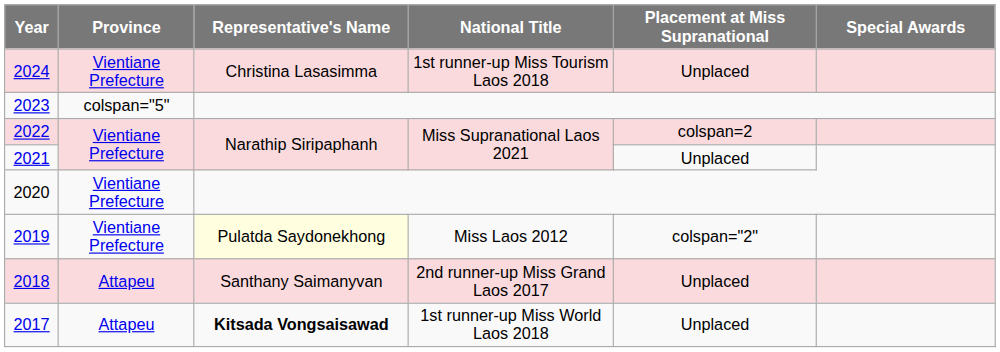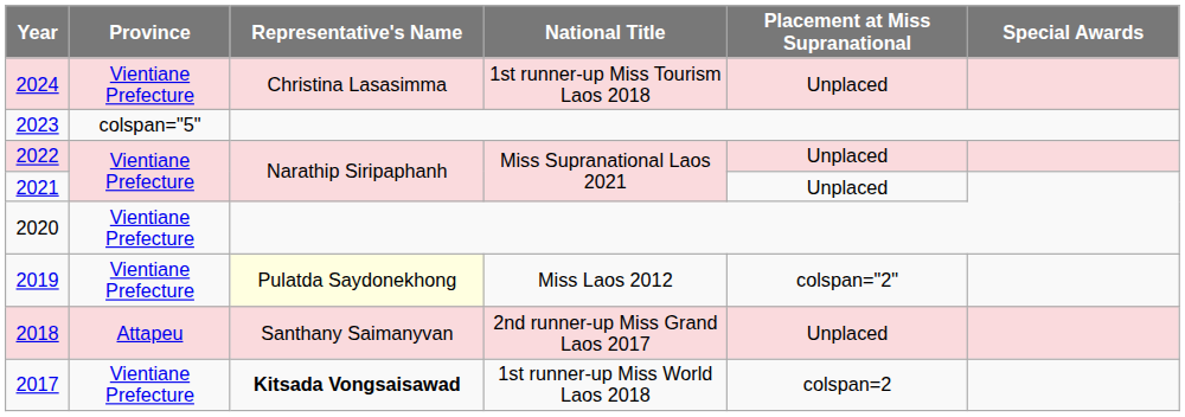 <table class="wikitable " style="font-size: 89%; text-align:center">
 <tr>
 <th width="50" style="background-color:#787878;color:#FFFFFF;">Year</th>
 <th width="150" style="background-color:#787878;color:#FFFFFF;">Province</th>
 <th width="250" style="background-color:#787878;color:#FFFFFF;">Representative's Name</th>
 <th width="260" style="background-color:#787878;color:#FFFFFF;">National Title</th>
 <th width="250" style="background-color:#787878;color:#FFFFFF;">Placement at Miss Supranational</th>
 <th width="250" style="background-color:#787878;color:#FFFFFF;">Special Awards</th>
 </tr>
 <tr style="background-color:#FADADD;">
 <td><a href='#'>2024</a></td>
 <td><a href='#'>Vientiane Prefecture</a></td>
 <td>Christina Lasasimma</td>
 <td>1st runner-up Miss Tourism Laos 2018</td>
 <td>Unplaced</td>
 <td style="background:;"></td>
 </tr>
 <tr>
 <td><a href='#'>2023</a></td>
 <td>colspan="5" </td>
 </tr>
 <tr style="background-color:#FADADD;">
 <td><a href='#'>2022</a></td>
 <td rowspan="2"><a href='#'>Vientiane Prefecture</a></td>
 <td rowspan="2">Narathip Siripaphanh </td>
 <td rowspan="2">Miss Supranational Laos 2021</td>
-<td>colspan=2 </td>
+<td>Unplaced</td>
 <td style="background:;"></td>
 </tr>
 <tr>
 <td><a href='#'>2021</a></td>
 <td>Unplaced</td>
 </tr>
 <tr>
 <td>2020</td>
 <td><a href='#'>Vientiane Prefecture</a></td>
 </tr>
 <tr>
 <td><a href='#'>2019</a></td>
 <td><a href='#'>Vientiane Prefecture</a></td>
 <td style="background: lightyellow;">Pulatda Saydonekhong</td>
 <td>Miss Laos 2012</td>
 <td>colspan="2" </td>
 <td></td>
 </tr>
 <tr style="background-color:#FADADD;">
 <td><a href='#'>2018</a></td>
 <td><a href='#'>Attapeu</a></td>
 <td>Santhany Saimanyvan</td>
 <td>2nd runner-up Miss Grand Laos 2017</td>
 <td>Unplaced</td>
 <td style="background:;"></td>
 </tr>
 <tr>
 <td><a href='#'>2017</a></td>
-<td><a href='#'>Attapeu</a></td>
+<td><a href='#'>Vientiane Prefecture</a></td>
 <td><strong>Kitsada Vongsaisawad</strong></td>
 <td>1st runner-up Miss World Laos 2018</td>
-<td>Unplaced</td>
+<td>colspan=2 </td>
 </tr>
 </table>
